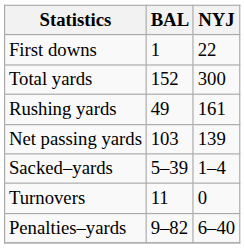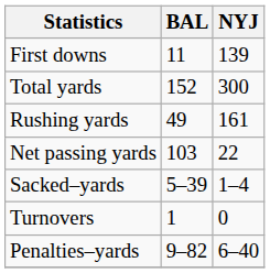 <table class="wikitable" style="float: left;">
 <tr>
 <th>Statistics</th>
 <th>BAL</th>
 <th>NYJ</th>
 </tr>
 <tr>
 <td>First downs</td>
-<td>1</td>
-<td>22</td>
+<td>11</td>
+<td>139</td>
 </tr>
 <tr>
 <td>Total yards</td>
 <td>152</td>
 <td>300</td>
 </tr>
 <tr>
 <td>Rushing yards</td>
 <td>49</td>
 <td>161</td>
 </tr>
 <tr>
 <td>Net passing yards</td>
 <td>103</td>
-<td>139</td>
+<td>22</td>
 </tr>
 <tr>
 <td>Sacked–yards</td>
 <td>5–39</td>
 <td>1–4</td>
 </tr>
 <tr>
 <td>Turnovers</td>
-<td>11</td>
+<td>1</td>
 <td>0</td>
 </tr>
 <tr>
 <td>Penalties–yards</td>
 <td>9–82</td>
 <td>6–40</td>
 </tr>
 <tr>
 </tr>
 </table>
